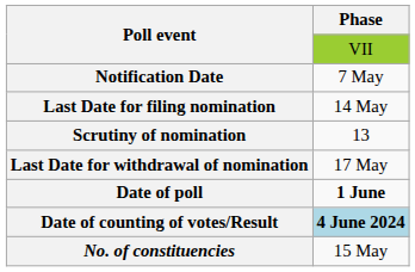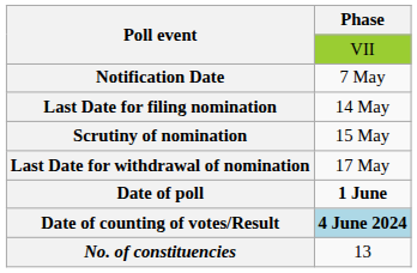 <table class="wikitable" style="text-align:center;margin:auto;font-size:90%;">
 <tr>
 <th rowspan=2>Poll event</th>
 <th>Phase</th>
 </tr>
 <tr>
 <td bgcolor=#9ACD32>VII</td>
 </tr>
 <tr>
 <th>Notification Date</th>
 <td>7 May</td>
 </tr>
 <tr>
 <th>Last Date for filing nomination</th>
 <td>14 May</td>
 </tr>
 <tr>
 <th>Scrutiny of nomination</th>
-<td>13</td>
+<td>15 May</td>
 </tr>
 <tr>
 <th>Last Date for withdrawal of nomination</th>
 <td>17 May</td>
 </tr>
 <tr>
 <th>Date of poll</th>
 <td><strong>1 June</strong></td>
 </tr>
 <tr>
 <th>Date of counting of votes/Result</th>
 <td style="background: lightblue;"><strong>4 June 2024</strong></td>
 </tr>
 <tr>
 <th><strong><em>No. of constituencies</em></strong></th>
-<td>15 May</td>
+<td>13</td>
 </tr>
 </table>
